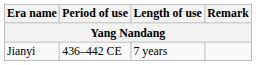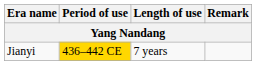 <table class="wikitable">
 <tr>
 <th>Era name</th>
 <th>Period of use</th>
 <th>Length of use</th>
 <th>Remark</th>
 </tr>
 <tr>
 <th colspan="4">Yang Nandang<br></th>
 </tr>
 <tr>
 <td>Jianyi<br></td>
-<td>436–442 CE</td>
+<td style="background: gold;">436–442 CE</td>
 <td>7 years</td>
 <td></td>
 </tr>
 </table>
